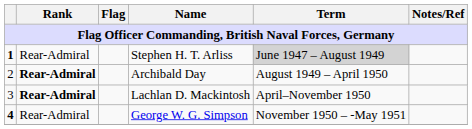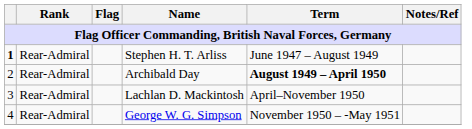 <table class="wikitable">
 <tr>
 <th></th>
 <th>Rank</th>
 <th>Flag</th>
 <th>Name</th>
 <th>Term</th>
 <th>Notes/Ref</th>
 </tr>
 <tr>
 <td colspan="6" align="center" style="background:#dcdcfe;"><strong>Flag Officer Commanding, British Naval Forces, Germany</strong></td>
 </tr>
 <tr>
 <td><strong>1</strong></td>
 <td>Rear-Admiral</td>
 <td></td>
 <td>Stephen H. T. Arliss</td>
-<td style="background: lightgrey;">June 1947 – August 1949</td>
+<td>June 1947 – August 1949</td>
 <td></td>
 </tr>
 <tr>
 <td>2</td>
-<td><strong>Rear-Admiral</strong></td>
+<td>Rear-Admiral</td>
 <td></td>
 <td>Archibald Day</td>
-<td>August 1949 – April 1950</td>
+<td><strong>August 1949 – April 1950</strong></td>
 <td></td>
 </tr>
 <tr>
 <td>3</td>
-<td><strong>Rear-Admiral</strong></td>
+<td>Rear-Admiral</td>
 <td></td>
 <td>Lachlan D. Mackintosh</td>
 <td>April–November 1950</td>
 <td></td>
 </tr>
 <tr>
-<td><strong>4</strong></td>
+<td>4</td>
 <td>Rear-Admiral</td>
 <td></td>
 <td><a href='#'>George W. G. Simpson</a></td>
 <td>November 1950 – -May 1951</td>
 <td></td>
 </tr>
 <tr>
 </tr>
 </table>
